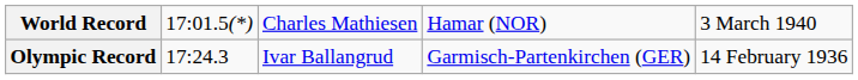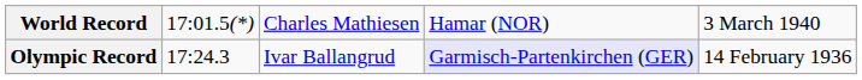 <table class="wikitable" style="font-size:95%;">
 <tr>
 <th>World Record</th>
 <td>17:01.5<em>(*)</em></td>
 <td> <a href='#'>Charles Mathiesen</a></td>
 <td><a href='#'>Hamar</a> (<a href='#'>NOR</a>)</td>
 <td>3 March 1940</td>
 </tr>
 <tr>
 <th>Olympic Record</th>
 <td>17:24.3</td>
 <td> <a href='#'>Ivar Ballangrud</a></td>
-<td><a href='#'>Garmisch-Partenkirchen</a> (<a href='#'>GER</a>)</td>
+<td style="background: lavender;"><a href='#'>Garmisch-Partenkirchen</a> (<a href='#'>GER</a>)</td>
 <td>14 February 1936</td>
 </tr>
 </table>
